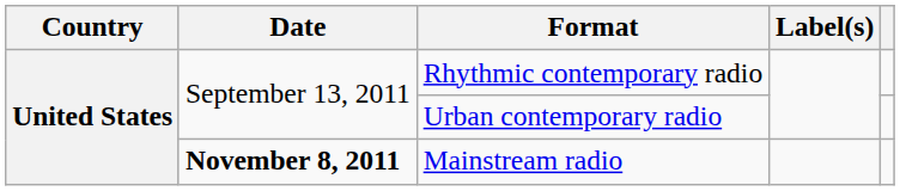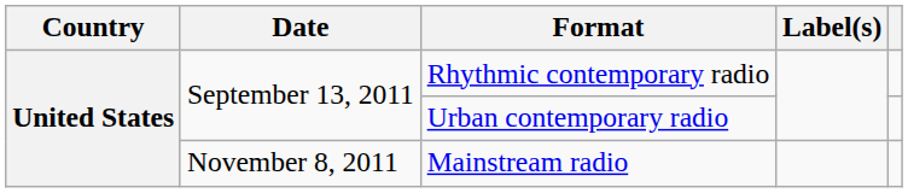 <table class="wikitable plainrowheaders">
 <tr>
 <th scope="col">Country</th>
 <th scope="col">Date</th>
 <th scope="col">Format</th>
 <th scope="col">Label(s)</th>
 <th scope="col"></th>
 </tr>
 <tr>
 <th scope="row" rowspan="3">United States</th>
 <td rowspan="2">September 13, 2011</td>
 <td><a href='#'>Rhythmic contemporary</a> radio</td>
 <td rowspan="2"></td>
 <td style="text-align:center;"></td>
 </tr>
 <tr>
 <td><a href='#'>Urban contemporary radio</a></td>
 <td style="text-align:center;"></td>
 </tr>
 <tr>
-<td><strong>November 8, 2011</strong></td>
+<td>November 8, 2011</td>
 <td><a href='#'>Mainstream radio</a></td>
 <td></td>
 <td style="text-align:center;"></td>
 </tr>
 </table>
